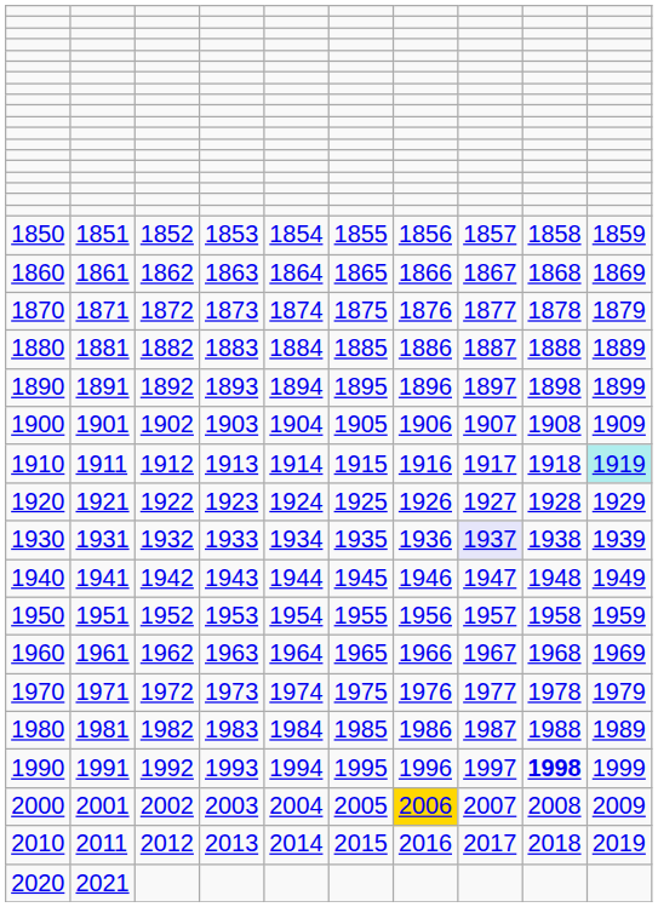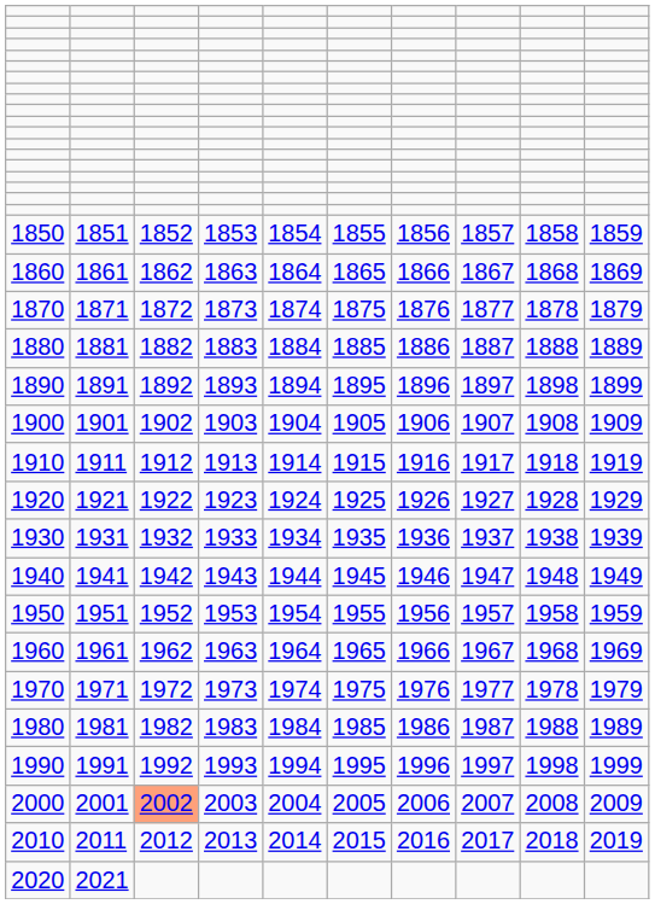 <table class="wikitable">
 <tr>
 <td></td>
 <td></td>
 <td></td>
 <td></td>
 <td></td>
 <td></td>
 <td></td>
 <td></td>
 <td></td>
 <td></td>
 </tr>
 <tr>
 <td></td>
 <td></td>
 <td></td>
 <td></td>
 <td></td>
 <td></td>
 <td></td>
 <td></td>
 <td></td>
 <td></td>
 </tr>
 <tr>
 <td></td>
 <td></td>
 <td></td>
 <td></td>
 <td></td>
 <td></td>
 <td></td>
 <td></td>
 <td></td>
 <td></td>
 </tr>
 <tr>
 <td></td>
 <td></td>
 <td></td>
 <td></td>
 <td></td>
 <td></td>
 <td></td>
 <td></td>
 <td></td>
 <td></td>
 </tr>
 <tr>
 <td></td>
 <td></td>
 <td></td>
 <td></td>
 <td></td>
 <td></td>
 <td></td>
 <td></td>
 <td></td>
 <td></td>
 </tr>
 <tr>
 <td></td>
 <td></td>
 <td></td>
 <td></td>
 <td></td>
 <td></td>
 <td></td>
 <td></td>
 <td></td>
 <td></td>
 </tr>
 <tr>
 <td></td>
 <td></td>
 <td></td>
 <td></td>
 <td></td>
 <td></td>
 <td></td>
 <td></td>
 <td></td>
 <td></td>
 </tr>
 <tr>
 <td></td>
 <td></td>
 <td></td>
 <td></td>
 <td></td>
 <td></td>
 <td></td>
 <td></td>
 <td></td>
 <td></td>
 </tr>
 <tr>
 <td></td>
 <td></td>
 <td></td>
 <td></td>
 <td></td>
 <td></td>
 <td></td>
 <td></td>
 <td></td>
 <td></td>
 </tr>
 <tr>
 <td></td>
 <td></td>
 <td></td>
 <td></td>
 <td></td>
 <td></td>
 <td></td>
 <td></td>
 <td></td>
 <td></td>
 </tr>
 <tr>
 <td></td>
 <td></td>
 <td></td>
 <td></td>
 <td></td>
 <td></td>
 <td></td>
 <td></td>
 <td></td>
 <td></td>
 </tr>
 <tr>
 <td></td>
 <td></td>
 <td></td>
 <td></td>
 <td></td>
 <td></td>
 <td></td>
 <td></td>
 <td></td>
 <td></td>
 </tr>
 <tr>
 <td></td>
 <td></td>
 <td></td>
 <td></td>
 <td></td>
 <td></td>
 <td></td>
 <td></td>
 <td></td>
 <td></td>
 </tr>
 <tr>
 <td></td>
 <td></td>
 <td></td>
 <td></td>
 <td></td>
 <td></td>
 <td></td>
 <td></td>
 <td></td>
 <td></td>
 </tr>
 <tr>
 <td></td>
 <td></td>
 <td></td>
 <td></td>
 <td></td>
 <td></td>
 <td></td>
 <td></td>
 <td></td>
 <td></td>
 </tr>
 <tr>
 <td></td>
 <td></td>
 <td></td>
 <td></td>
 <td></td>
 <td></td>
 <td></td>
 <td></td>
 <td></td>
 <td></td>
 </tr>
 <tr>
 <td></td>
 <td></td>
 <td></td>
 <td></td>
 <td></td>
 <td></td>
 <td></td>
 <td></td>
 <td></td>
 <td></td>
 </tr>
 <tr>
 <td></td>
 <td></td>
 <td></td>
 <td></td>
 <td></td>
 <td></td>
 <td></td>
 <td></td>
 <td></td>
 <td></td>
 </tr>
 <tr>
 <td></td>
 <td></td>
 <td></td>
 <td></td>
 <td></td>
 <td></td>
 <td></td>
 <td></td>
 <td></td>
 <td></td>
 </tr>
 <tr>
 <td><a href='#'>1850</a></td>
 <td><a href='#'>1851</a></td>
 <td><a href='#'>1852</a></td>
 <td><a href='#'>1853</a></td>
 <td><a href='#'>1854</a></td>
 <td><a href='#'>1855</a></td>
 <td><a href='#'>1856</a></td>
 <td><a href='#'>1857</a></td>
 <td><a href='#'>1858</a></td>
 <td><a href='#'>1859</a></td>
 </tr>
 <tr>
 <td><a href='#'>1860</a></td>
 <td><a href='#'>1861</a></td>
 <td><a href='#'>1862</a></td>
 <td><a href='#'>1863</a></td>
 <td><a href='#'>1864</a></td>
 <td><a href='#'>1865</a></td>
 <td><a href='#'>1866</a></td>
 <td><a href='#'>1867</a></td>
 <td><a href='#'>1868</a></td>
 <td><a href='#'>1869</a></td>
 </tr>
 <tr>
 <td><a href='#'>1870</a></td>
 <td><a href='#'>1871</a></td>
 <td><a href='#'>1872</a></td>
 <td><a href='#'>1873</a></td>
 <td><a href='#'>1874</a></td>
 <td><a href='#'>1875</a></td>
 <td><a href='#'>1876</a></td>
 <td><a href='#'>1877</a></td>
 <td><a href='#'>1878</a></td>
 <td><a href='#'>1879</a></td>
 </tr>
 <tr>
 <td><a href='#'>1880</a></td>
 <td><a href='#'>1881</a></td>
 <td><a href='#'>1882</a></td>
 <td><a href='#'>1883</a></td>
 <td><a href='#'>1884</a></td>
 <td><a href='#'>1885</a></td>
 <td><a href='#'>1886</a></td>
 <td><a href='#'>1887</a></td>
 <td><a href='#'>1888</a></td>
 <td><a href='#'>1889</a></td>
 </tr>
 <tr>
 <td><a href='#'>1890</a></td>
 <td><a href='#'>1891</a></td>
 <td><a href='#'>1892</a></td>
 <td><a href='#'>1893</a></td>
 <td><a href='#'>1894</a></td>
 <td><a href='#'>1895</a></td>
 <td><a href='#'>1896</a></td>
 <td><a href='#'>1897</a></td>
 <td><a href='#'>1898</a></td>
 <td><a href='#'>1899</a></td>
 </tr>
 <tr>
 <td><a href='#'>1900</a></td>
 <td><a href='#'>1901</a></td>
 <td><a href='#'>1902</a></td>
 <td><a href='#'>1903</a></td>
 <td><a href='#'>1904</a></td>
 <td><a href='#'>1905</a></td>
 <td><a href='#'>1906</a></td>
 <td><a href='#'>1907</a></td>
 <td><a href='#'>1908</a></td>
 <td><a href='#'>1909</a></td>
 </tr>
 <tr>
 <td><a href='#'>1910</a></td>
 <td><a href='#'>1911</a></td>
 <td><a href='#'>1912</a></td>
 <td><a href='#'>1913</a></td>
 <td><a href='#'>1914</a></td>
 <td><a href='#'>1915</a></td>
 <td><a href='#'>1916</a></td>
 <td><a href='#'>1917</a></td>
 <td><a href='#'>1918</a></td>
-<td style="background: paleturquoise;"><a href='#'>1919</a></td>
+<td><a href='#'>1919</a></td>
 </tr>
 <tr>
 <td><a href='#'>1920</a></td>
 <td><a href='#'>1921</a></td>
 <td><a href='#'>1922</a></td>
 <td><a href='#'>1923</a></td>
 <td><a href='#'>1924</a></td>
 <td><a href='#'>1925</a></td>
 <td><a href='#'>1926</a></td>
 <td><a href='#'>1927</a></td>
 <td><a href='#'>1928</a></td>
 <td><a href='#'>1929</a></td>
 </tr>
 <tr>
 <td><a href='#'>1930</a></td>
 <td><a href='#'>1931</a></td>
 <td><a href='#'>1932</a></td>
 <td><a href='#'>1933</a></td>
 <td><a href='#'>1934</a></td>
 <td><a href='#'>1935</a></td>
 <td><a href='#'>1936</a></td>
-<td style="background: lavender;"><a href='#'>1937</a></td>
+<td><a href='#'>1937</a></td>
 <td><a href='#'>1938</a></td>
 <td><a href='#'>1939</a></td>
 </tr>
 <tr>
 <td><a href='#'>1940</a></td>
 <td><a href='#'>1941</a></td>
 <td><a href='#'>1942</a></td>
 <td><a href='#'>1943</a></td>
 <td><a href='#'>1944</a></td>
 <td><a href='#'>1945</a></td>
 <td><a href='#'>1946</a></td>
 <td><a href='#'>1947</a></td>
 <td><a href='#'>1948</a></td>
 <td><a href='#'>1949</a></td>
 </tr>
 <tr>
 <td><a href='#'>1950</a></td>
 <td><a href='#'>1951</a></td>
 <td><a href='#'>1952</a></td>
 <td><a href='#'>1953</a></td>
 <td><a href='#'>1954</a></td>
 <td><a href='#'>1955</a></td>
 <td><a href='#'>1956</a></td>
 <td><a href='#'>1957</a></td>
 <td><a href='#'>1958</a></td>
 <td><a href='#'>1959</a></td>
 </tr>
 <tr>
 <td><a href='#'>1960</a></td>
 <td><a href='#'>1961</a></td>
 <td><a href='#'>1962</a></td>
 <td><a href='#'>1963</a></td>
 <td><a href='#'>1964</a></td>
 <td><a href='#'>1965</a></td>
 <td><a href='#'>1966</a></td>
 <td><a href='#'>1967</a></td>
 <td><a href='#'>1968</a></td>
 <td><a href='#'>1969</a></td>
 </tr>
 <tr>
 <td><a href='#'>1970</a></td>
 <td><a href='#'>1971</a></td>
 <td><a href='#'>1972</a></td>
 <td><a href='#'>1973</a></td>
 <td><a href='#'>1974</a></td>
 <td><a href='#'>1975</a></td>
 <td><a href='#'>1976</a></td>
 <td><a href='#'>1977</a></td>
 <td><a href='#'>1978</a></td>
 <td><a href='#'>1979</a></td>
 </tr>
 <tr>
 <td><a href='#'>1980</a></td>
 <td><a href='#'>1981</a></td>
 <td><a href='#'>1982</a></td>
 <td><a href='#'>1983</a></td>
 <td><a href='#'>1984</a></td>
 <td><a href='#'>1985</a></td>
 <td><a href='#'>1986</a></td>
 <td><a href='#'>1987</a></td>
 <td><a href='#'>1988</a></td>
 <td><a href='#'>1989</a></td>
 </tr>
 <tr>
 <td><a href='#'>1990</a></td>
 <td><a href='#'>1991</a></td>
 <td><a href='#'>1992</a></td>
 <td><a href='#'>1993</a></td>
 <td><a href='#'>1994</a></td>
 <td><a href='#'>1995</a></td>
 <td><a href='#'>1996</a></td>
 <td><a href='#'>1997</a></td>
-<td><strong><a href='#'>1998</a></strong></td>
+<td><a href='#'>1998</a></td>
 <td><a href='#'>1999</a></td>
 </tr>
 <tr>
 <td><a href='#'>2000</a></td>
 <td><a href='#'>2001</a></td>
-<td><a href='#'>2002</a></td>
+<td style="background: lightsalmon;"><a href='#'>2002</a></td>
 <td><a href='#'>2003</a></td>
 <td><a href='#'>2004</a></td>
 <td><a href='#'>2005</a></td>
-<td style="background: gold;"><a href='#'>2006</a></td>
+<td><a href='#'>2006</a></td>
 <td><a href='#'>2007</a></td>
 <td><a href='#'>2008</a></td>
 <td><a href='#'>2009</a></td>
 </tr>
 <tr>
 <td><a href='#'>2010</a></td>
 <td><a href='#'>2011</a></td>
 <td><a href='#'>2012</a></td>
 <td><a href='#'>2013</a></td>
 <td><a href='#'>2014</a></td>
 <td><a href='#'>2015</a></td>
 <td><a href='#'>2016</a></td>
 <td><a href='#'>2017</a></td>
 <td><a href='#'>2018</a></td>
 <td><a href='#'>2019</a></td>
 </tr>
 <tr>
 <td><a href='#'>2020</a></td>
 <td><a href='#'>2021</a></td>
 <td></td>
 <td></td>
 <td></td>
 <td></td>
 <td></td>
 <td></td>
 <td></td>
 <td></td>
 </tr>
 </table>
